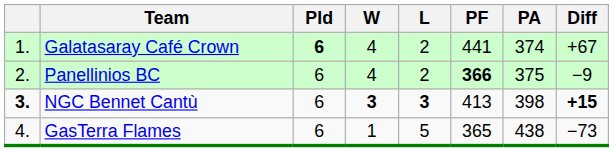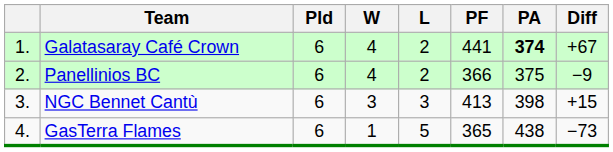 <table class="wikitable" style="text-align:center">
 <tr>
 <th width=25></th>
 <th width=220>Team</th>
 <th width=40>Pld</th>
 <th width=40>W</th>
 <th width=40>L</th>
 <th width=40>PF</th>
 <th width=40>PA</th>
 <th width=40>Diff</th>
 </tr>
 <tr style="background:#ccffcc;">
 <td>1.</td>
 <td align=left> <a href='#'>Galatasaray Café Crown</a></td>
-<td><strong>6</strong></td>
+<td>6</td>
 <td>4</td>
 <td>2</td>
 <td>441</td>
-<td>374</td>
+<td><strong>374</strong></td>
 <td>+67</td>
 </tr>
 <tr style="background:#ccffcc;">
 <td>2.</td>
 <td align=left> <a href='#'>Panellinios BC</a></td>
 <td>6</td>
 <td>4</td>
 <td>2</td>
-<td><strong>366</strong></td>
+<td>366</td>
 <td>375</td>
 <td>−9</td>
 </tr>
 <tr style="background:;">
-<td><strong>3.</strong></td>
+<td>3.</td>
 <td align=left> <a href='#'>NGC Bennet Cantù</a></td>
 <td>6</td>
-<td><strong>3</strong></td>
-<td><strong>3</strong></td>
+<td>3</td>
+<td>3</td>
 <td>413</td>
 <td>398</td>
-<td><strong>+15</strong></td>
+<td>+15</td>
 </tr>
 <tr style="background:;">
 <td>4.</td>
 <td align=left> <a href='#'>GasTerra Flames</a></td>
 <td>6</td>
 <td>1</td>
 <td>5</td>
 <td>365</td>
 <td>438</td>
 <td>−73</td>
 </tr>
 <tr style="background:;border-bottom:3px solid green;">
 </tr>
 </table>
